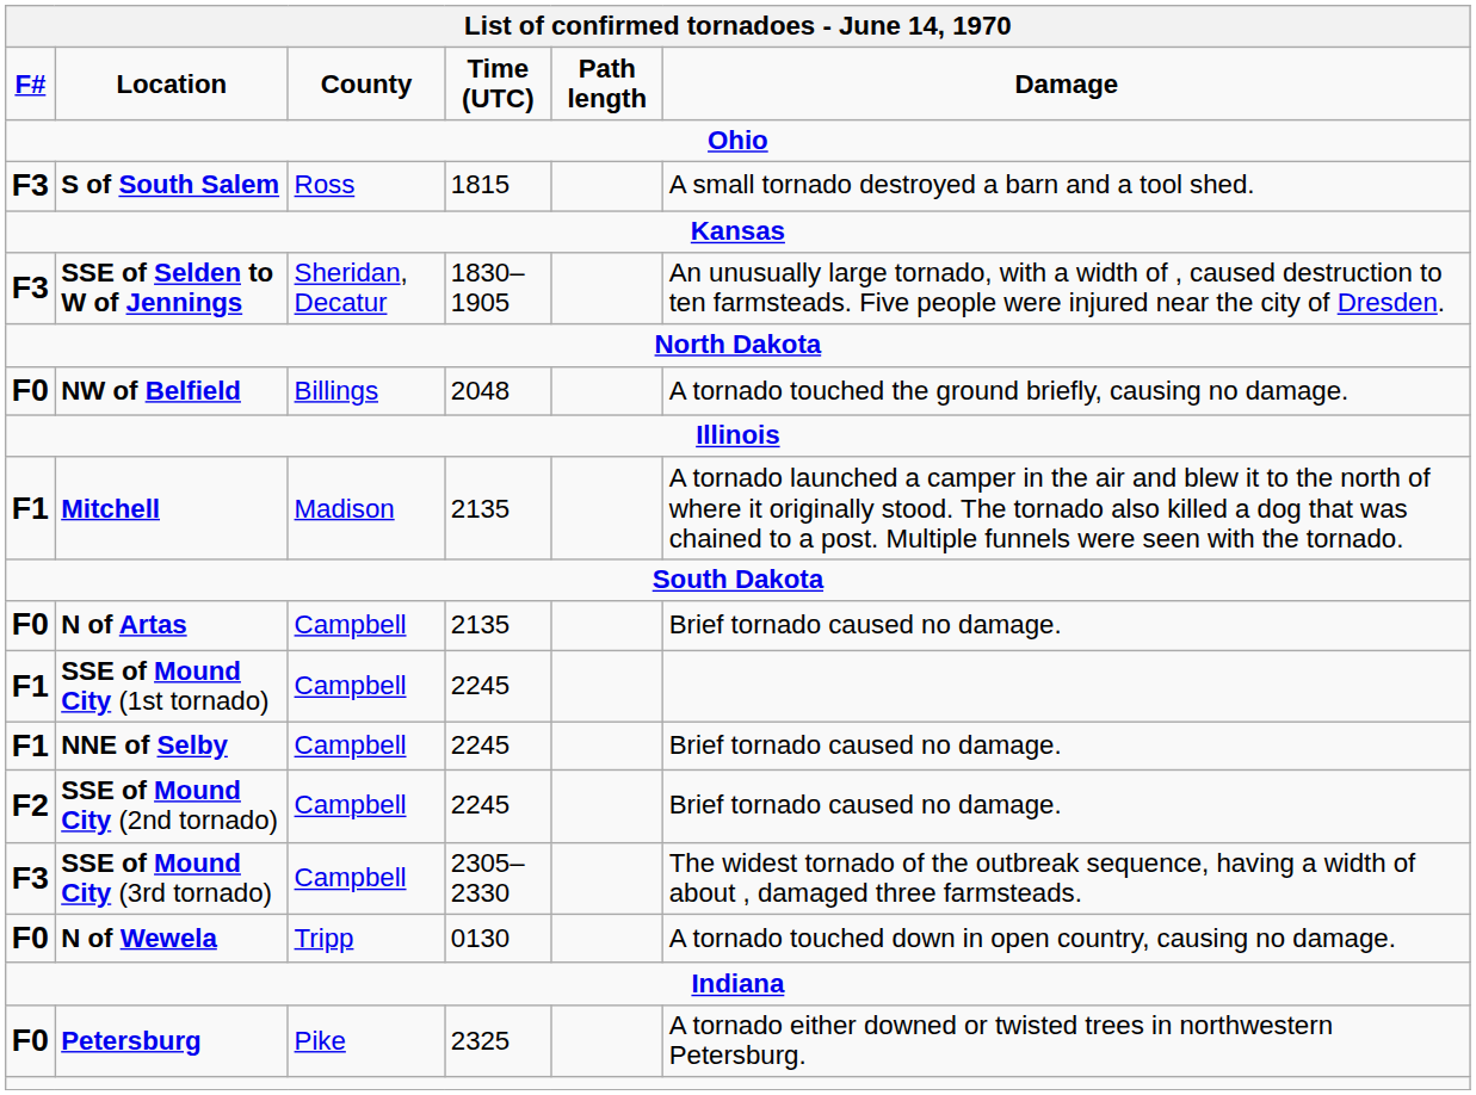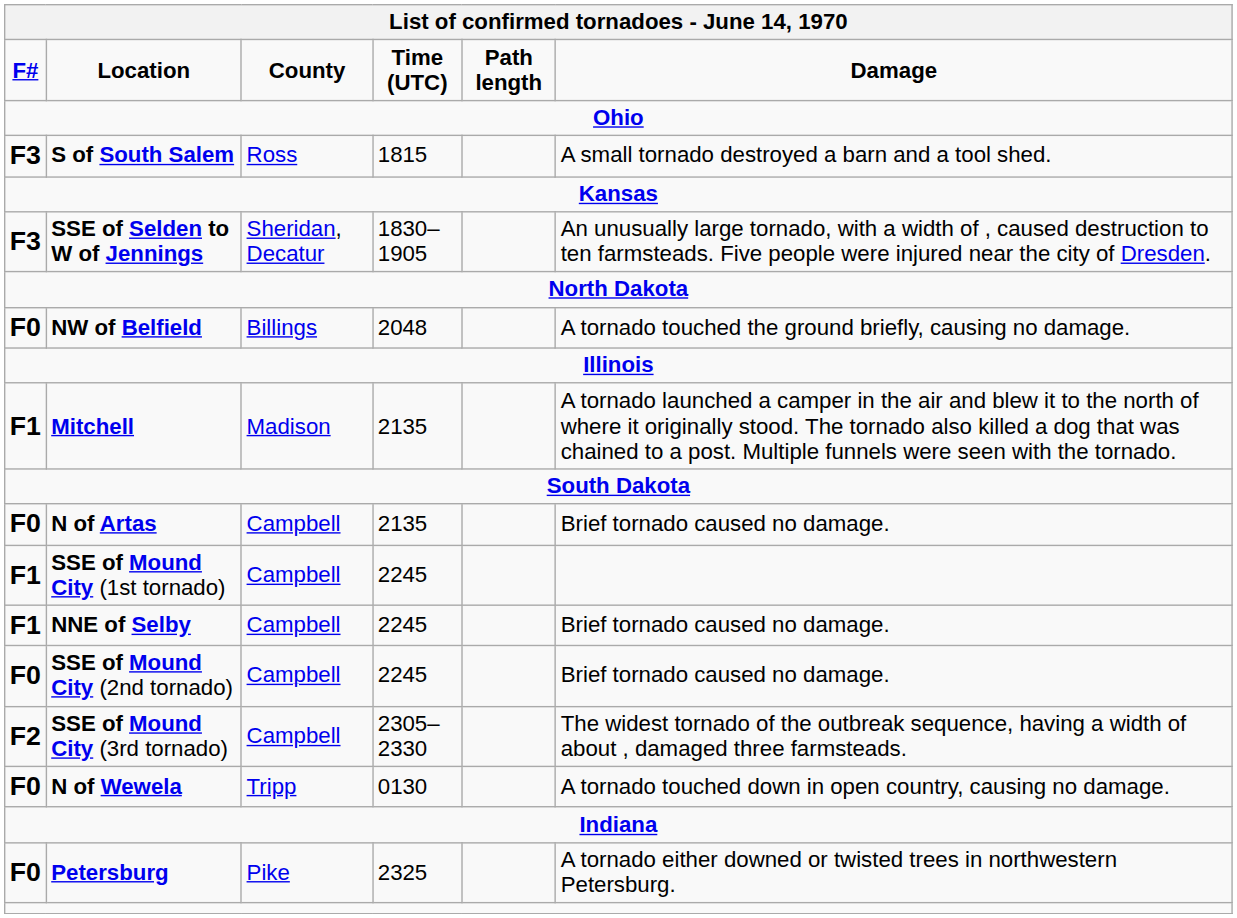 <table class="wikitable toccolours collapsible" width="100%">
 <tr>
 <th colspan="6">List of confirmed tornadoes - June 14, 1970</th>
 </tr>
 <tr style="text-align:center;">
 <td><strong><a href='#'>F#</a></strong></td>
 <td><strong>Location</strong></td>
 <td><strong>County</strong></td>
 <td><strong>Time (UTC)</strong></td>
 <td><strong>Path length</strong></td>
 <td><strong>Damage</strong></td>
 </tr>
 <tr>
 <td colspan="7" style="text-align:center;"><strong><a href='#'>Ohio</a></strong></td>
 </tr>
 <tr>
 <td><big><strong>F3</strong></big></td>
 <td><strong>S of <a href='#'>South Salem</a></strong></td>
 <td><a href='#'>Ross</a></td>
 <td>1815</td>
 <td></td>
 <td>A small tornado destroyed a barn and a tool shed.</td>
 </tr>
 <tr>
 <td colspan="7" align="center"><strong><a href='#'>Kansas</a></strong></td>
 </tr>
 <tr>
 <td><big><strong>F3</strong></big></td>
 <td><strong>SSE of <a href='#'>Selden</a> to W of <a href='#'>Jennings</a></strong></td>
 <td><a href='#'>Sheridan</a>, <a href='#'>Decatur</a></td>
 <td>1830–1905</td>
 <td></td>
 <td>An unusually large tornado, with a width of , caused destruction to ten farmsteads. Five people were injured near the city of <a href='#'>Dresden</a>.</td>
 </tr>
 <tr>
 <td colspan="7" align="center"><strong><a href='#'>North Dakota</a></strong></td>
 </tr>
 <tr>
 <td><big><strong>F0</strong></big></td>
 <td><strong>NW of <a href='#'>Belfield</a></strong></td>
 <td><a href='#'>Billings</a></td>
 <td>2048</td>
 <td></td>
 <td>A tornado touched the ground briefly, causing no damage.</td>
 </tr>
 <tr>
 <td colspan="7" align="center"><strong><a href='#'>Illinois</a></strong></td>
 </tr>
 <tr>
 <td><big><strong>F1</strong></big></td>
 <td><strong><a href='#'>Mitchell</a></strong></td>
 <td><a href='#'>Madison</a></td>
 <td>2135</td>
 <td></td>
 <td>A tornado launched a camper  in the air and blew it  to the north of where it originally stood. The tornado also killed a dog that was chained to a post. Multiple funnels were seen with the tornado.</td>
 </tr>
 <tr>
 <td colspan="7" align="center"><strong><a href='#'>South Dakota</a></strong></td>
 </tr>
 <tr>
 <td><big><strong>F0</strong></big></td>
 <td><strong>N of <a href='#'>Artas</a></strong></td>
 <td><a href='#'>Campbell</a></td>
 <td>2135</td>
 <td></td>
 <td>Brief tornado caused no damage.</td>
 </tr>
 <tr>
 <td><big><strong>F1</strong></big></td>
 <td><strong>SSE of <a href='#'>Mound City</a></strong> (1st tornado)</td>
 <td><a href='#'>Campbell</a></td>
 <td>2245</td>
 <td></td>
 <td></td>
 </tr>
 <tr>
 <td><big><strong>F1</strong></big></td>
 <td><strong>NNE of <a href='#'>Selby</a></strong></td>
 <td><a href='#'>Campbell</a></td>
 <td>2245</td>
 <td></td>
 <td>Brief tornado caused no damage.</td>
 </tr>
 <tr>
-<td><big><strong>F2</strong></big></td>
+<td><big><strong>F0</strong></big></td>
 <td><strong>SSE of <a href='#'>Mound City</a></strong> (2nd tornado)</td>
 <td><a href='#'>Campbell</a></td>
 <td>2245</td>
 <td></td>
 <td>Brief tornado caused no damage.</td>
 </tr>
 <tr>
-<td><big><strong>F3</strong></big></td>
+<td><big><strong>F2</strong></big></td>
 <td><strong>SSE of <a href='#'>Mound City</a></strong> (3rd tornado)</td>
 <td><a href='#'>Campbell</a></td>
 <td>2305–2330</td>
 <td></td>
 <td>The widest tornado of the outbreak sequence, having a width of about , damaged three farmsteads.</td>
 </tr>
 <tr>
 <td><big><strong>F0</strong></big></td>
 <td><strong>N of <a href='#'>Wewela</a></strong></td>
 <td><a href='#'>Tripp</a></td>
 <td>0130</td>
 <td></td>
 <td>A tornado touched down in open country, causing no damage.</td>
 </tr>
 <tr>
 <td colspan="7" align="center"><strong><a href='#'>Indiana</a></strong></td>
 </tr>
 <tr>
 <td><big><strong>F0</strong></big></td>
 <td><strong><a href='#'>Petersburg</a></strong></td>
 <td><a href='#'>Pike</a></td>
 <td>2325</td>
 <td></td>
 <td>A tornado either downed or twisted trees in northwestern Petersburg.</td>
 </tr>
 <tr>
 <td colspan="7" align="center"><small></small></td>
 </tr>
 <tr>
 </tr>
 </table>
